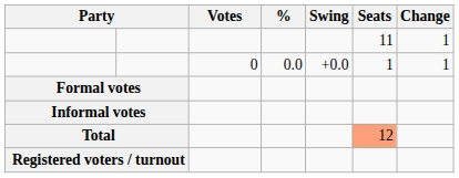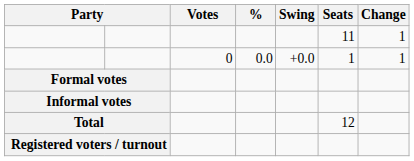 <table class="wikitable" style="text-align:right; margin-bottom:0">
 <tr>
 <th style="width:10px" colspan=3>Party</th>
 <th style="width:70px;">Votes</th>
 <th style="width:40px;">%</th>
 <th style="width:40px;">Swing</th>
 <th style="width:40px;">Seats</th>
 <th style="width:40px;">Change</th>
 </tr>
 <tr>
 <td> </td>
 <td style="text-align:left;" colspan="2"></td>
 <td></td>
 <td></td>
 <td></td>
 <td>11</td>
 <td> 1</td>
 </tr>
 <tr>
 <td> </td>
 <td style="text-align:left;" colspan="2"></td>
 <td>0</td>
 <td>0.0</td>
 <td>+0.0</td>
 <td>1</td>
 <td> 1</td>
 </tr>
 <tr>
 <th colspan="3" rowspan="1"> Formal votes</th>
 <td></td>
 <td></td>
 <td></td>
 <td></td>
 <td></td>
 </tr>
 <tr>
 <th colspan="3" rowspan="1"> Informal votes</th>
 <td></td>
 <td></td>
 <td></td>
 <td></td>
 <td></td>
 </tr>
 <tr>
 <th colspan="3" rowspan="1"> <strong>Total </strong></th>
 <td></td>
 <td></td>
 <td></td>
-<td style="background: lightsalmon;">12</td>
+<td>12</td>
 <td></td>
 </tr>
 <tr>
 <th colspan="3" rowspan="1"> Registered voters / turnout</th>
 <td></td>
 <td></td>
 <td></td>
 <td></td>
 <td></td>
 </tr>
 </table>
